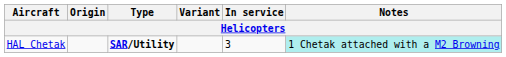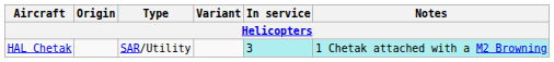 <table class="wikitable">
 <tr>
 <th>Aircraft</th>
 <th>Origin</th>
 <th>Type</th>
 <th>Variant</th>
 <th>In service</th>
 <th>Notes</th>
 </tr>
 <tr>
 <th colspan="7"><a href='#'>Helicopters</a></th>
 </tr>
 <tr>
 <td><a href='#'>HAL Chetak</a></td>
 <td></td>
-<td><strong><a href='#'>SAR</a>/Utility</strong></td>
+<td><a href='#'>SAR</a>/Utility</td>
 <td></td>
-<td>3</td>
+<td style="background: paleturquoise;">3</td>
 <td style="background: paleturquoise;">1 Chetak attached with a <a href='#'>M2 Browning</a></td>
 </tr>
 </table>
